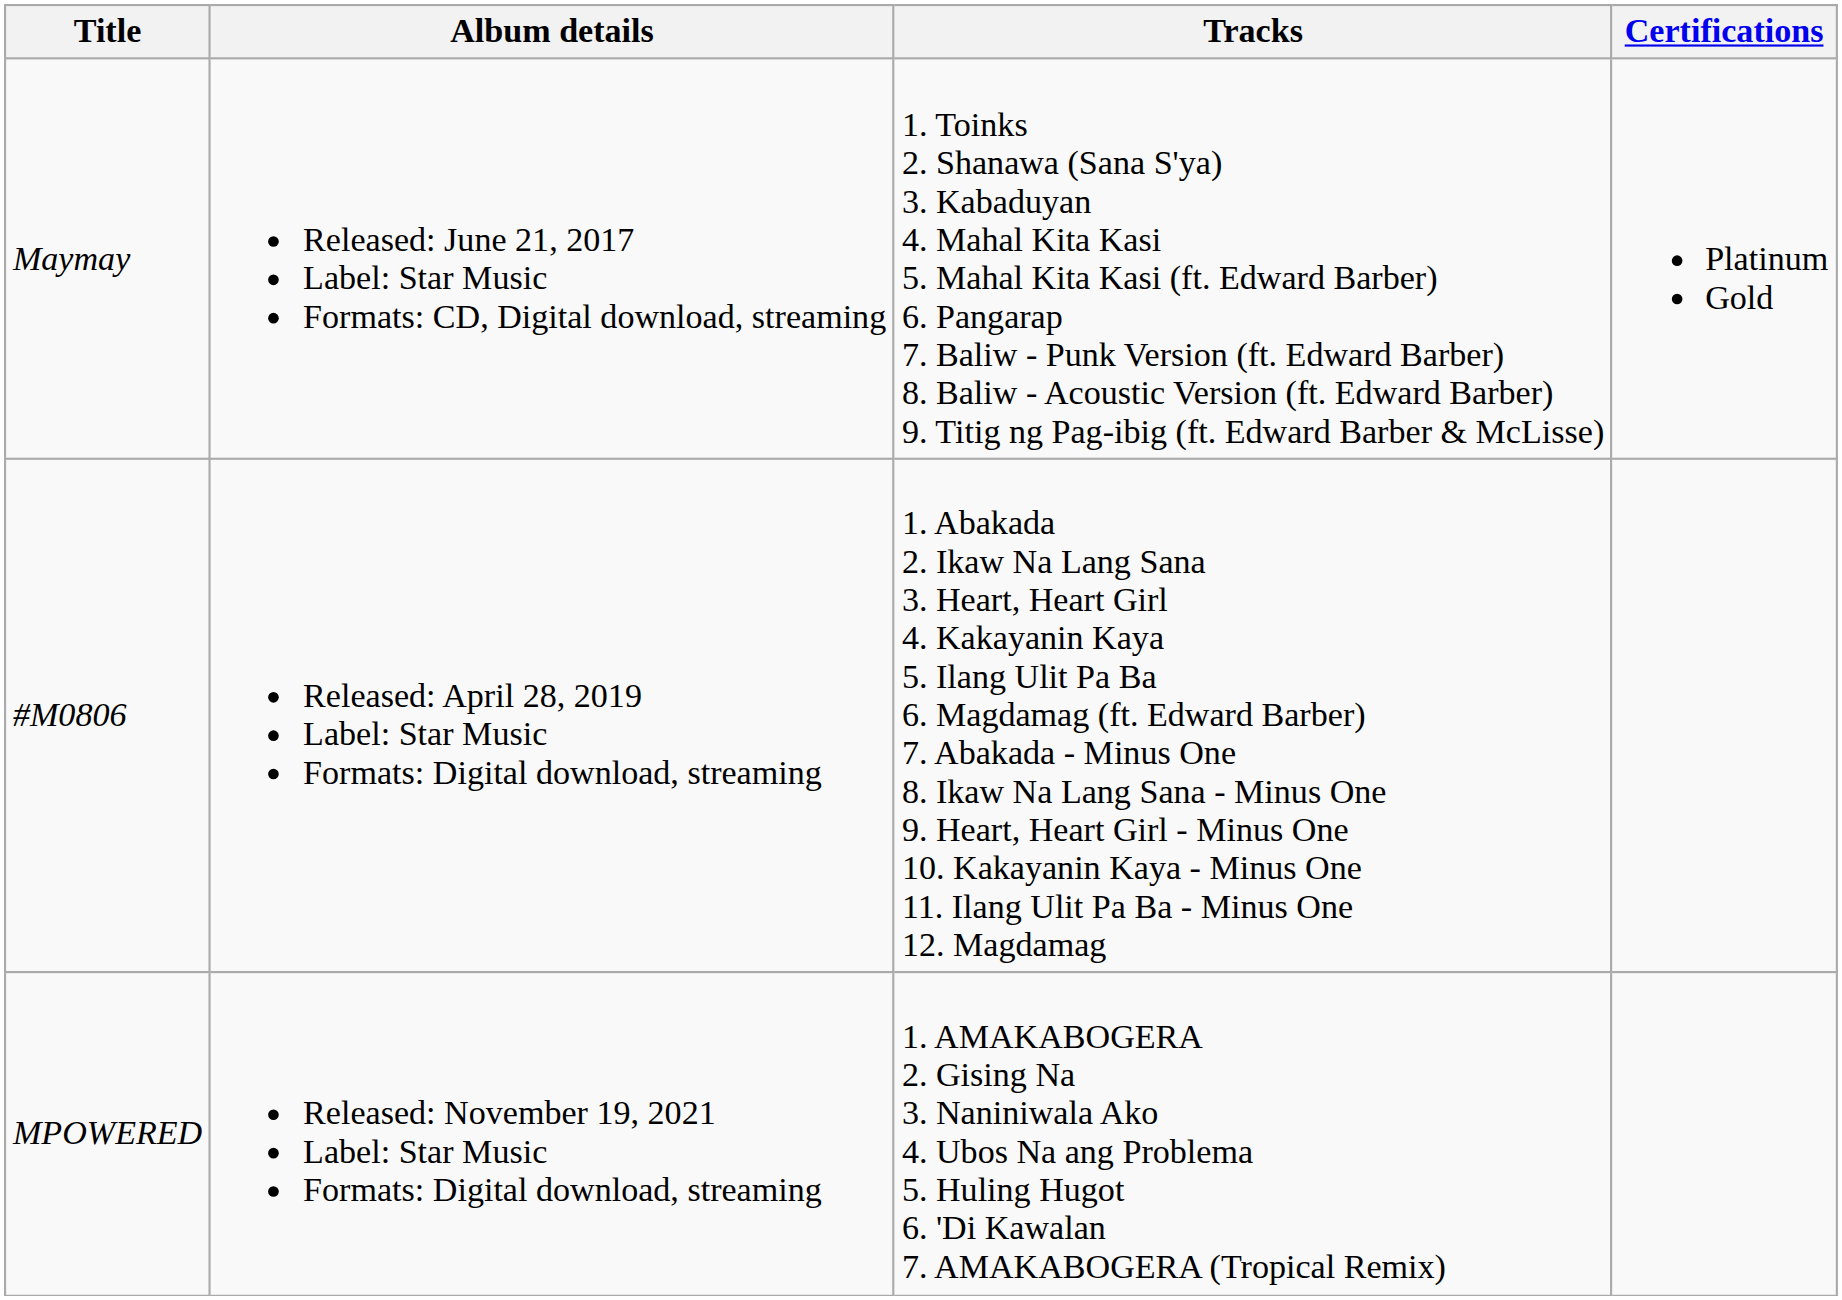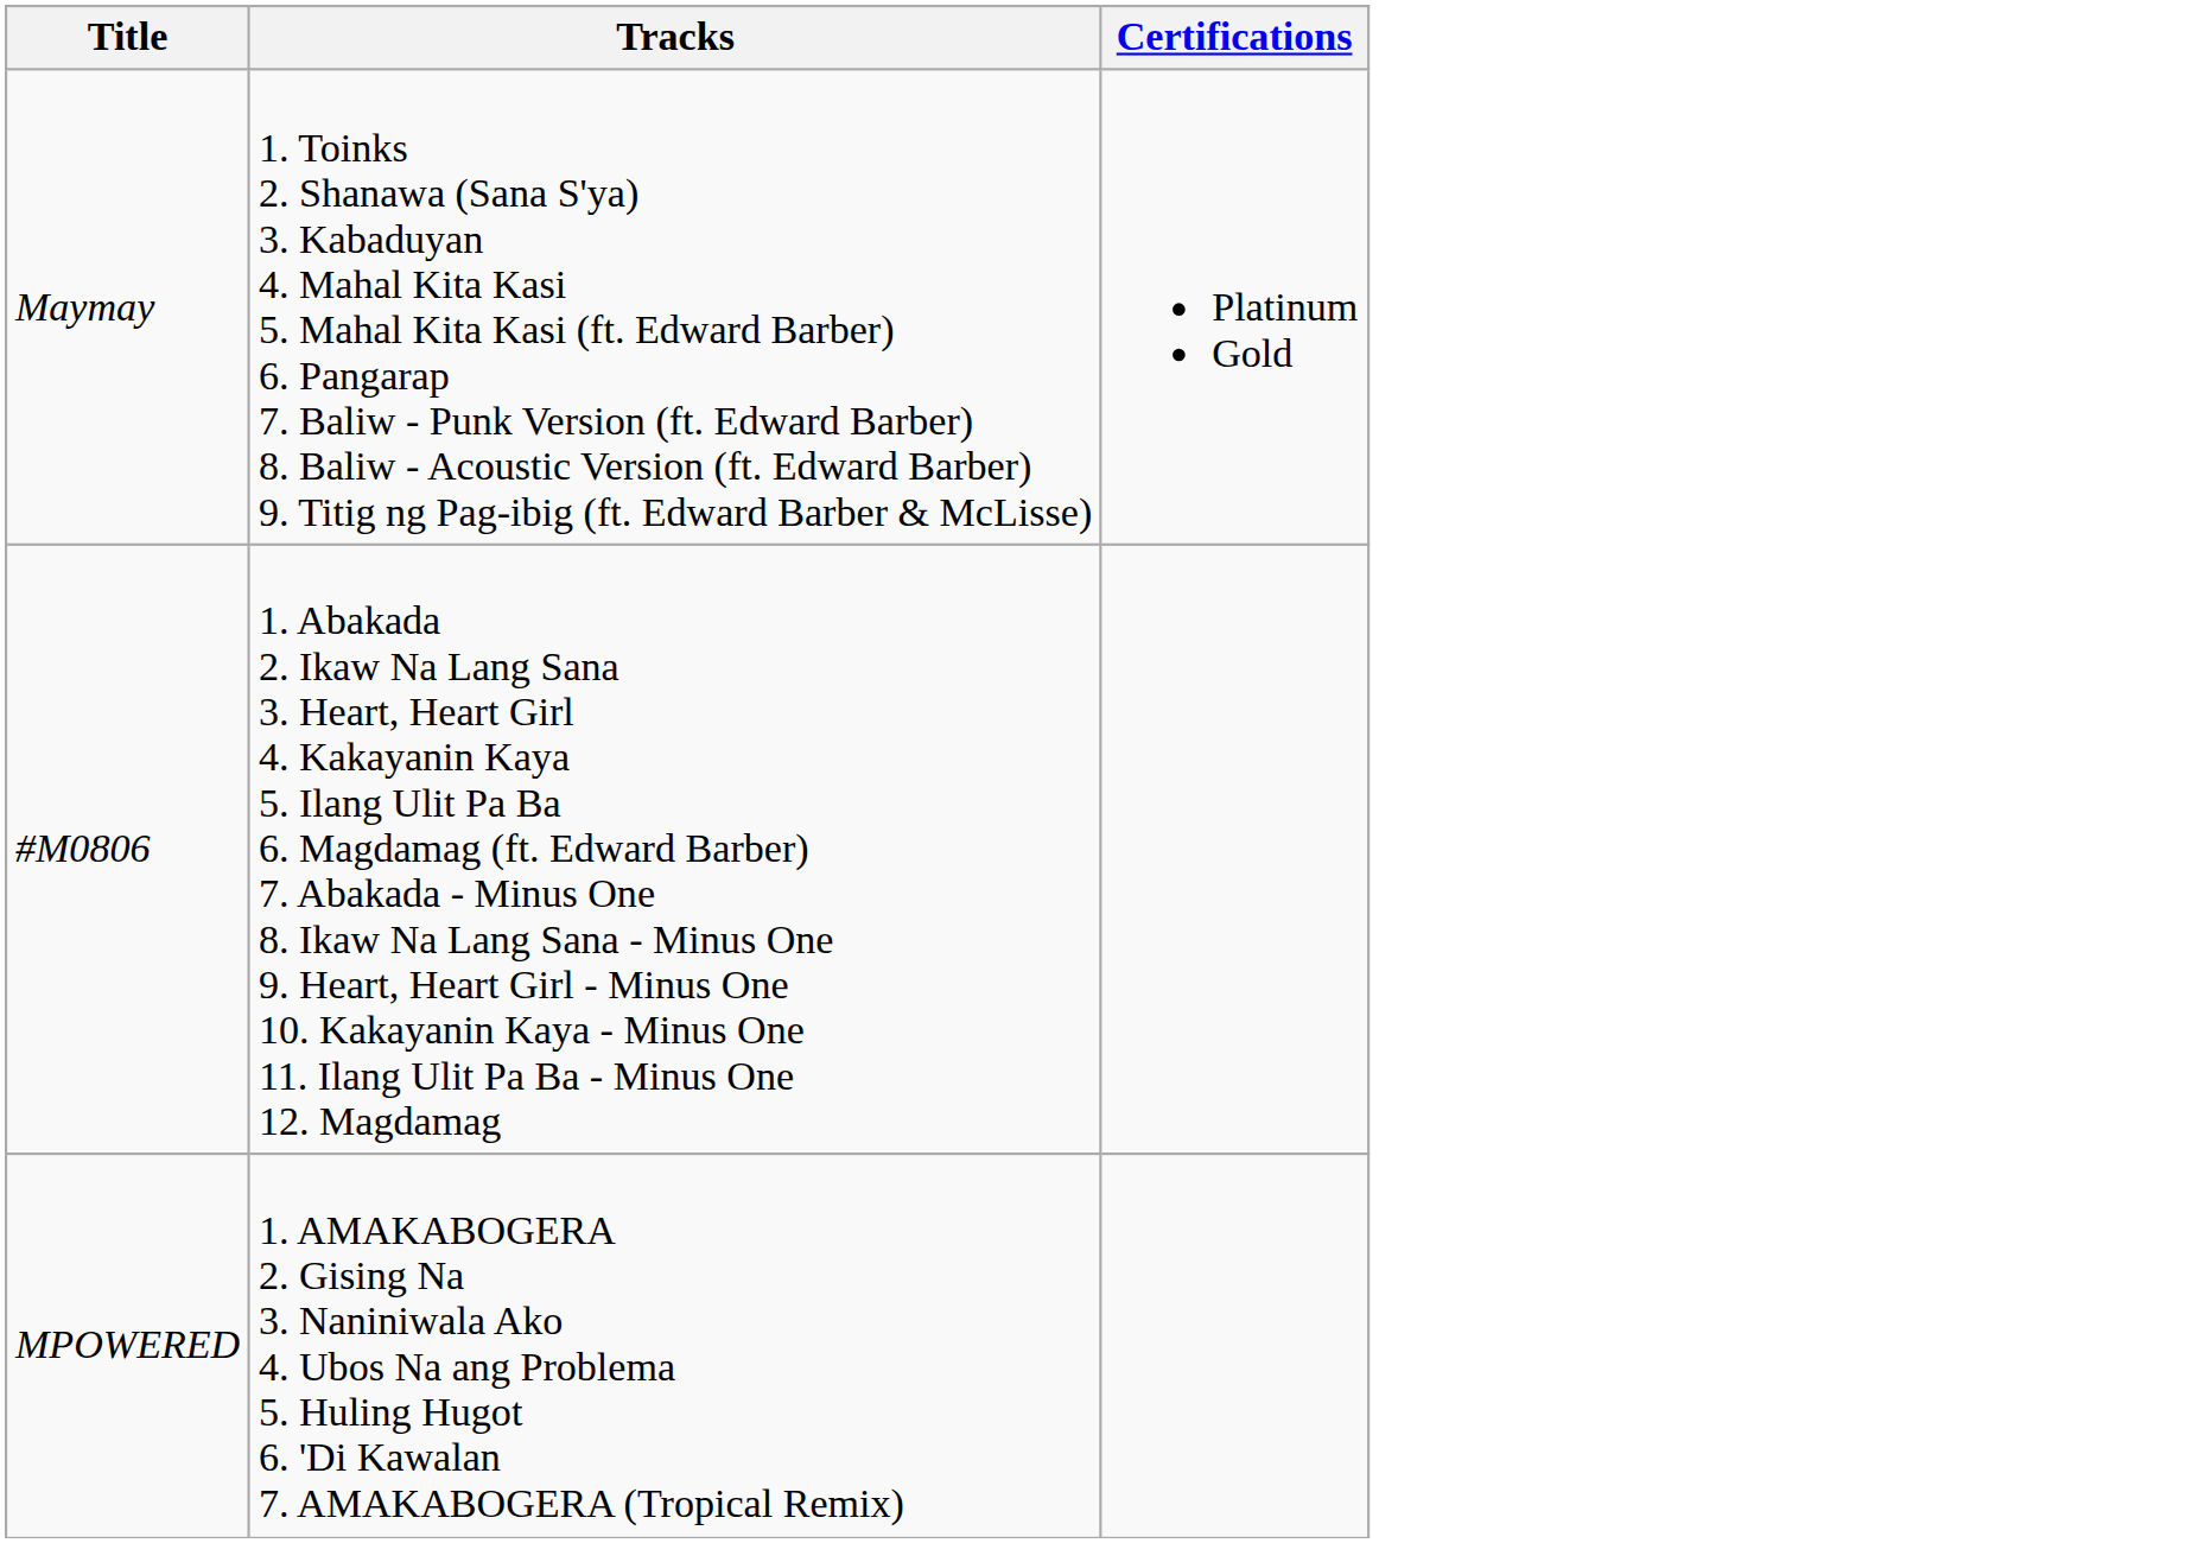 <table class="wikitable plainrowheaders">
 <tr>
 <th>Title</th>
-<th>Album details</th>
 <th>Tracks</th>
 <th><a href='#'>Certifications</a></th>
 </tr>
 <tr>
 <td><em>Maymay</em></td>
-<td><br><ul><li>Released: June 21, 2017</li><li>Label: Star Music</li><li>Formats: CD, Digital download, streaming</li></ul></td>
 <td><br>1. Toinks <br> 2. Shanawa (Sana S'ya)<br> 3. Kabaduyan <br> 4. Mahal Kita Kasi<br> 5. Mahal Kita Kasi (ft. Edward Barber)<br> 6. Pangarap <br> 7. Baliw - Punk Version (ft. Edward Barber)<br> 8. Baliw - Acoustic Version (ft. Edward Barber)<br> 9. Titig ng Pag-ibig (ft. Edward Barber & McLisse)</td>
 <td><br><ul><li>Platinum</li><li>Gold</li></ul></td>
 </tr>
 <tr>
 <td><em>#M0806</em></td>
-<td><br><ul><li>Released: April 28, 2019</li><li>Label: Star Music</li><li>Formats: Digital download, streaming</li></ul></td>
 <td><br>1. Abakada <br> 2. Ikaw Na Lang Sana <br> 3. Heart, Heart Girl <br> 4. Kakayanin Kaya <br> 5. Ilang Ulit Pa Ba <br> 6. Magdamag (ft. Edward Barber) <br> 7. Abakada - Minus One <br> 8. Ikaw Na Lang Sana - Minus One <br> 9. Heart, Heart Girl - Minus One <br> 10. Kakayanin Kaya - Minus One <br> 11. Ilang Ulit Pa Ba - Minus One <br> 12. Magdamag</td>
 <td></td>
 </tr>
 <tr>
 <td><em>MPOWERED</em></td>
-<td><br><ul><li>Released: November 19, 2021</li><li>Label: Star Music</li><li>Formats: Digital download, streaming</li></ul></td>
 <td><br>1. AMAKABOGERA <br> 2. Gising Na <br> 3. Naniniwala Ako <br> 4. Ubos Na ang Problema <br> 5. Huling Hugot <br> 6. 'Di Kawalan <br> 7. AMAKABOGERA (Tropical Remix) <br></td>
 <td></td>
 </tr>
 </table>
